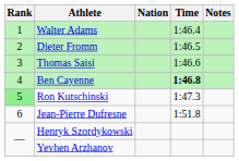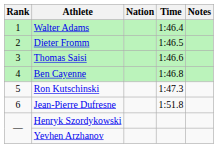 <table class="wikitable sortable" style="text-align:center">
 <tr>
 <th>Rank</th>
 <th>Athlete</th>
 <th>Nation</th>
 <th>Time</th>
 <th>Notes</th>
 </tr>
 <tr bgcolor=bbf3bb>
 <td>1</td>
 <td align=left><a href='#'>Walter Adams</a></td>
 <td align=left></td>
 <td>1:46.4</td>
 <td></td>
 </tr>
 <tr bgcolor=bbf3bb>
 <td>2</td>
 <td align=left><a href='#'>Dieter Fromm</a></td>
 <td align=left></td>
 <td>1:46.5</td>
 <td></td>
 </tr>
 <tr bgcolor=bbf3bb>
 <td>3</td>
 <td align=left><a href='#'>Thomas Saisi</a></td>
 <td align=left></td>
 <td>1:46.6</td>
 <td></td>
 </tr>
 <tr bgcolor=bbf3bb>
 <td>4</td>
 <td align=left><a href='#'>Ben Cayenne</a></td>
 <td align=left></td>
-<td><strong>1:46.8</strong></td>
+<td>1:46.8</td>
 <td></td>
 </tr>
 <tr>
-<td style="background: lightgreen;">5</td>
+<td>5</td>
 <td align=left><a href='#'>Ron Kutschinski</a></td>
 <td align=left></td>
 <td>1:47.3</td>
 <td></td>
 </tr>
 <tr>
 <td>6</td>
 <td align=left><a href='#'>Jean-Pierre Dufresne</a></td>
 <td align=left></td>
 <td>1:51.8</td>
 <td></td>
 </tr>
 <tr>
 <td rowspan=2 data-sort-value=7>—</td>
 <td align=left><a href='#'>Henryk Szordykowski</a></td>
 <td align=left></td>
 <td></td>
 <td></td>
 </tr>
 <tr>
 <td align=left><a href='#'>Yevhen Arzhanov</a></td>
 <td align=left></td>
 <td></td>
 <td></td>
 </tr>
 </table>
